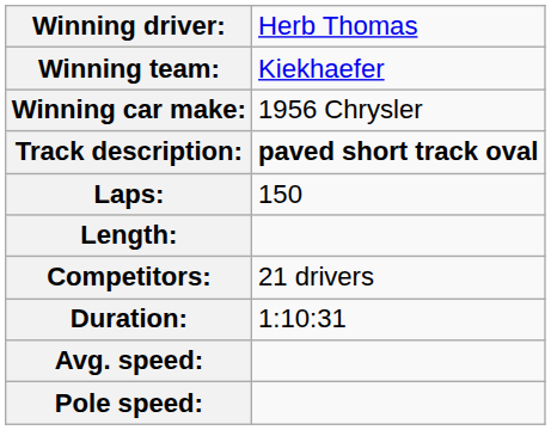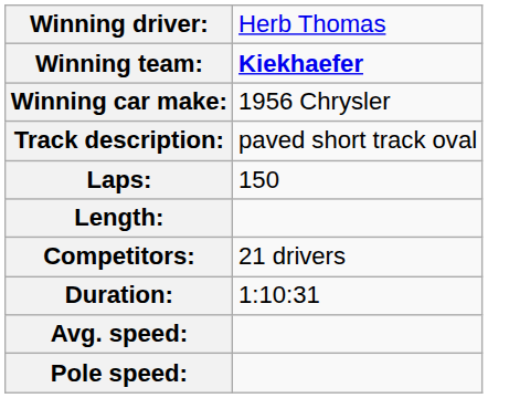 <table class="wikitable" style=text-align:left>
 <tr>
 <th>Winning driver:</th>
 <td><a href='#'>Herb Thomas</a></td>
 </tr>
 <tr>
 <th>Winning team:</th>
-<td><a href='#'>Kiekhaefer</a></td>
+<td><strong><a href='#'>Kiekhaefer</a></strong></td>
 </tr>
 <tr>
 <th>Winning car make:</th>
 <td>1956 Chrysler</td>
 </tr>
 <tr>
 <th>Track description:</th>
-<td><strong> paved short track oval</strong></td>
+<td> paved short track oval</td>
 </tr>
 <tr>
 <th>Laps:</th>
 <td>150</td>
 </tr>
 <tr>
 <th>Length:</th>
 <td></td>
 </tr>
 <tr>
 <th>Competitors:</th>
 <td>21 drivers</td>
 </tr>
 <tr>
 <th>Duration:</th>
 <td>1:10:31</td>
 </tr>
 <tr>
 <th>Avg. speed:</th>
 <td></td>
 </tr>
 <tr>
 <th>Pole speed:</th>
 <td></td>
 </tr>
 </table>
